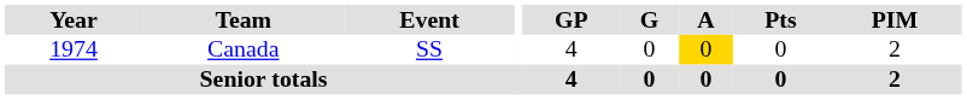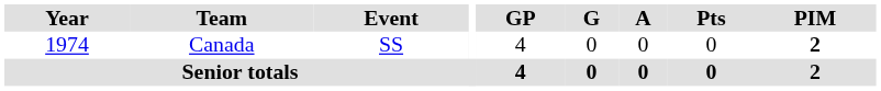 <table border="0" cellpadding="1" cellspacing="0" ID="Table3" style="text-align:center; width:40em">
 <tr bgcolor="#e0e0e0">
 <th>Year</th>
 <th>Team</th>
 <th>Event</th>
 <th rowspan="102" bgcolor="#ffffff"></th>
 <th>GP</th>
 <th>G</th>
 <th>A</th>
 <th>Pts</th>
 <th>PIM</th>
 </tr>
 <tr>
 <td><a href='#'>1974</a></td>
 <td><a href='#'>Canada</a></td>
 <td><a href='#'>SS</a></td>
 <td>4</td>
 <td>0</td>
-<td style="background: gold;">0</td>
 <td>0</td>
-<td>2</td>
+<td>0</td>
+<td><strong>2</strong></td>
 </tr>
 <tr bgcolor="#e0e0e0">
 <th colspan="4">Senior totals</th>
 <th>4</th>
 <th>0</th>
 <th>0</th>
 <th>0</th>
 <th>2</th>
 </tr>
 </table>
